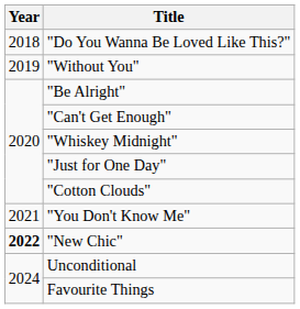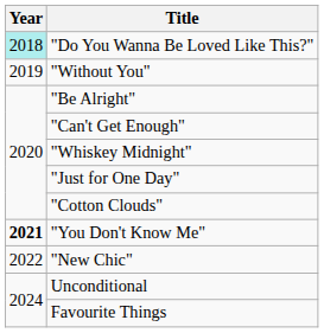 <table class="wikitable plainrowheaders">
 <tr>
 <th>Year</th>
 <th>Title</th>
 </tr>
 <tr>
-<td>2018</td>
+<td style="background: paleturquoise;">2018</td>
 <td>"Do You Wanna Be Loved Like This?"</td>
 </tr>
 <tr>
 <td>2019</td>
 <td>"Without You"</td>
 </tr>
 <tr>
 <td rowspan="5">2020</td>
 <td>"Be Alright"</td>
 </tr>
 <tr>
 <td>"Can't Get Enough"</td>
 </tr>
 <tr>
 <td>"Whiskey Midnight"</td>
 </tr>
 <tr>
 <td>"Just for One Day"</td>
 </tr>
 <tr>
 <td>"Cotton Clouds"</td>
 </tr>
 <tr>
-<td>2021</td>
+<td><strong>2021</strong></td>
 <td>"You Don't Know Me"</td>
 </tr>
 <tr>
-<td><strong>2022</strong></td>
+<td>2022</td>
 <td>"New Chic"</td>
 </tr>
 <tr>
 <td rowspan="2">2024</td>
 <td>Unconditional</td>
 </tr>
 <tr>
 <td>Favourite Things</td>
 </tr>
 </table>
